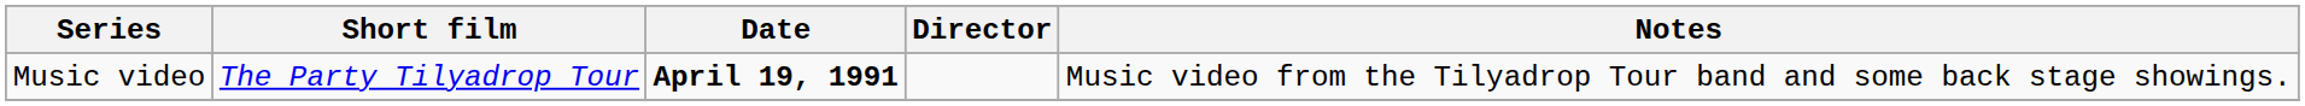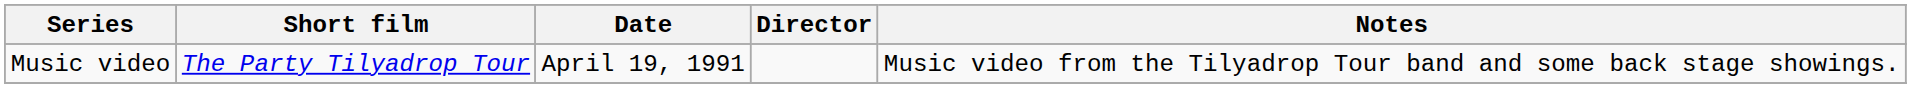 <table class="wikitable sortable">
 <tr>
 <th>Series</th>
 <th>Short film</th>
 <th>Date</th>
 <th>Director</th>
 <th>Notes</th>
 </tr>
 <tr>
 <td>Music video</td>
 <td><em><a href='#'>The Party Tilyadrop Tour</a></em></td>
-<td><strong>April 19, 1991</strong></td>
+<td>April 19, 1991</td>
 <td></td>
 <td>Music video from the Tilyadrop Tour band and some back stage showings.</td>
 </tr>
 <tr>
 </tr>
 </table>
